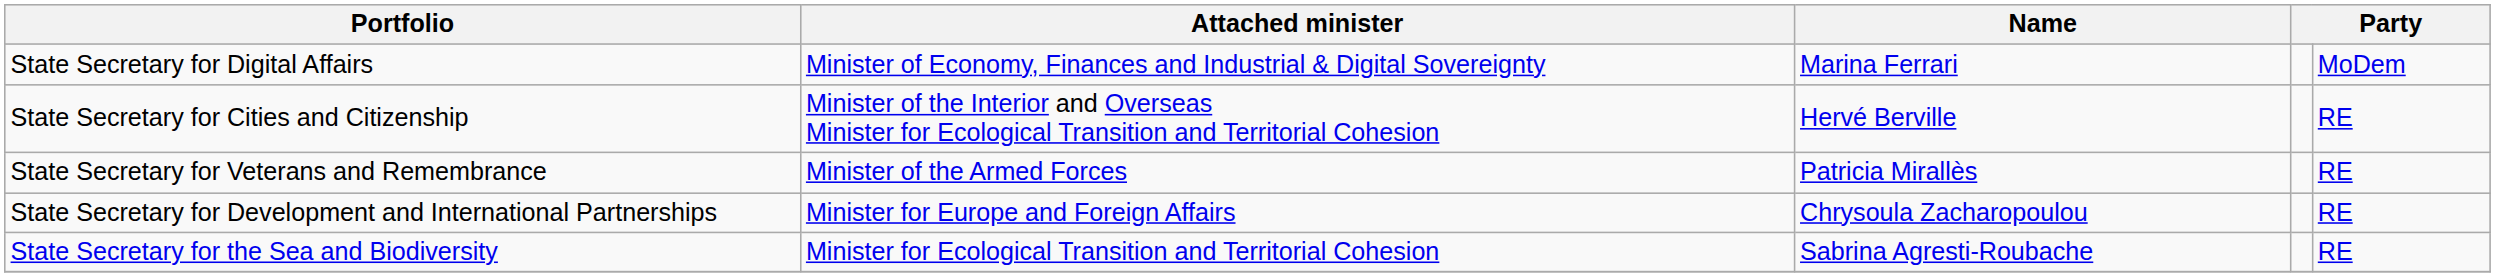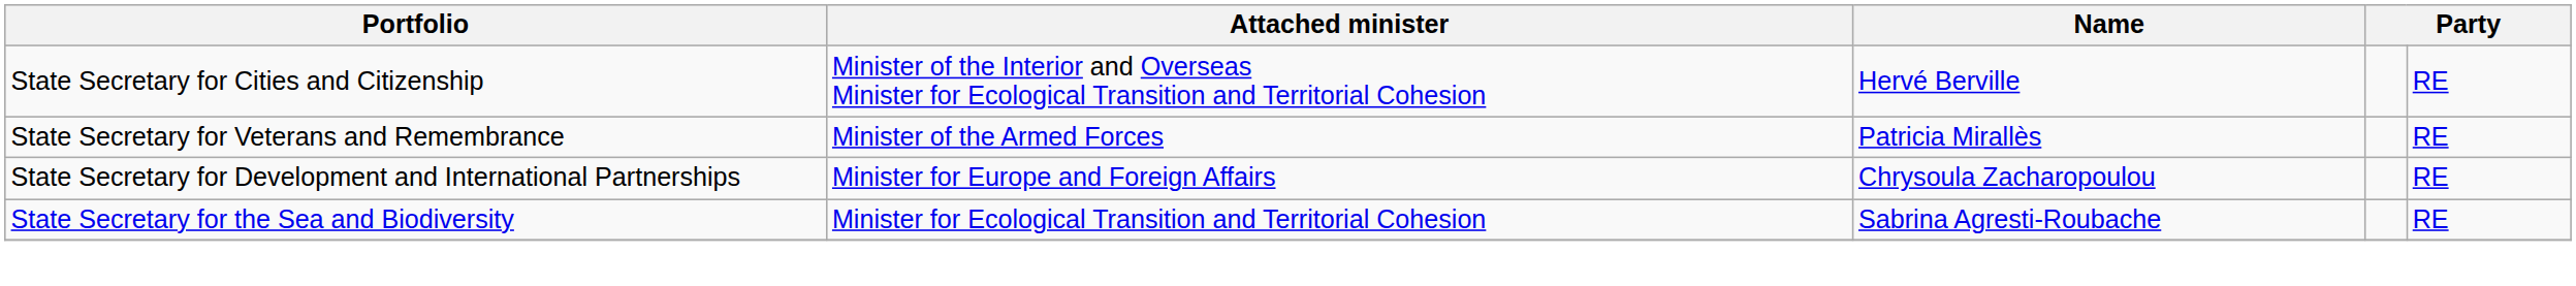 <table class="wikitable" style="width:100%">
 <tr>
 <th>Portfolio</th>
 <th style="width:40%">Attached minister</th>
 <th style="width:20%">Name</th>
 <th style="width:8%" colspan="2">Party</th>
-</tr>
-<tr>
-<td>State Secretary for Digital Affairs</td>
-<td><a href='#'>Minister of Economy, Finances and Industrial & Digital Sovereignty</a></td>
-<td><a href='#'>Marina Ferrari</a></td>
-<td style=background:></td>
-<td><a href='#'>MoDem</a></td>
 </tr>
 <tr>
 <td>State Secretary for Cities and Citizenship</td>
 <td><a href='#'>Minister of the Interior</a> and <a href='#'>Overseas</a><br><a href='#'>Minister for Ecological Transition and Territorial Cohesion</a></td>
 <td><a href='#'>Hervé Berville</a></td>
 <td style="background:"></td>
 <td><a href='#'>RE</a></td>
 </tr>
 <tr>
 <td>State Secretary for Veterans and Remembrance</td>
 <td><a href='#'>Minister of the Armed Forces</a></td>
 <td><a href='#'>Patricia Mirallès</a></td>
 <td style="background:"></td>
 <td><a href='#'>RE</a></td>
 </tr>
 <tr>
 <td>State Secretary for Development and International Partnerships</td>
 <td><a href='#'>Minister for Europe and Foreign Affairs</a></td>
 <td><a href='#'>Chrysoula Zacharopoulou</a></td>
 <td style="background:"></td>
 <td><a href='#'>RE</a></td>
 </tr>
 <tr>
 <td><a href='#'>State Secretary for the Sea and Biodiversity</a></td>
 <td><a href='#'>Minister for Ecological Transition and Territorial Cohesion</a></td>
 <td><a href='#'>Sabrina Agresti-Roubache</a></td>
 <td style="background:"></td>
 <td><a href='#'>RE</a></td>
 </tr>
 <tr>
 </tr>
 </table>
